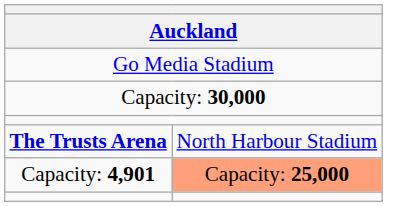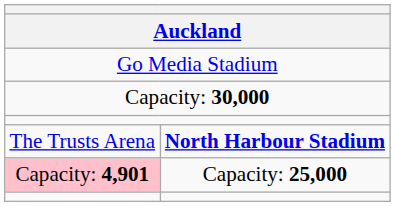 <table class="wikitable" style="text-align:center;">
 <tr>
 <th colspan=3></th>
 </tr>
 <tr>
 <th colspan=3><a href='#'>Auckland</a></th>
 </tr>
 <tr>
 <td colspan=3><a href='#'>Go Media Stadium</a></td>
 </tr>
 <tr>
 <td colspan=3>Capacity: <strong>30,000</strong></td>
 </tr>
 <tr>
 <td colspan=3></td>
 </tr>
 <tr>
-<td><strong><a href='#'>The Trusts Arena</a></strong></td>
-<td><a href='#'>North Harbour Stadium</a></td>
+<td><a href='#'>The Trusts Arena</a></td>
+<td><strong><a href='#'>North Harbour Stadium</a></strong></td>
 </tr>
 <tr>
-<td>Capacity: <strong>4,901</strong></td>
-<td style="background: lightsalmon;">Capacity: <strong>25,000</strong></td>
+<td style="background: pink;">Capacity: <strong>4,901</strong></td>
+<td>Capacity: <strong>25,000</strong></td>
 </tr>
 <tr>
 <td></td>
 <td></td>
 </tr>
 </table>
